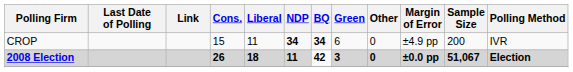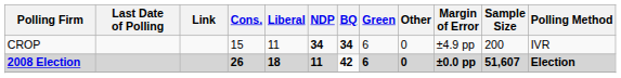 <table class="wikitable sortable">
 <tr style="background:#e9e9e9;">
 <th style="width:120px">Polling Firm</th>
 <th style="width:110px">Last Date<br>of Polling</th>
 <th style="width:60px" class="unsortable">Link</th>
 <th style="background-color:"><strong><a href='#'>Cons.</a></strong></th>
 <th style="background-color:"><strong><a href='#'>Liberal</a></strong></th>
 <th style="background-color:"><strong><a href='#'>NDP</a></strong></th>
 <th style="background-color:"><strong><a href='#'>BQ</a></strong></th>
 <th style="background-color:"><strong><a href='#'>Green</a></strong></th>
 <th style="background-color:"><strong>Other</strong></th>
 <th style="width:60px;" class=unsortable>Margin<br>of Error</th>
 <th style="width:50px;" class=unsortable>Sample<br>Size</th>
 <th class=unsortable>Polling Method</th>
 </tr>
 <tr>
 <td>CROP</td>
 <td></td>
 <td></td>
 <td>15</td>
 <td>11</td>
 <td><strong>34</strong></td>
 <td><strong>34</strong></td>
 <td>6</td>
 <td>0</td>
 <td>±4.9 pp</td>
 <td>200</td>
 <td>IVR</td>
 </tr>
 <tr>
 <td style="background:#D5D5D5"><strong><a href='#'>2008 Election</a></strong></td>
 <td style="background:#D5D5D5"><strong></strong></td>
 <td style="background:#D5D5D5"></td>
 <td style="background:#D5D5D5"><strong>26</strong></td>
 <td style="background:#D5D5D5"><strong>18</strong></td>
 <td style="background:#D5D5D5"><strong>11</strong></td>
 <td><strong>42</strong></td>
-<td style="background:#D5D5D5"><strong>3</strong></td>
+<td style="background:#D5D5D5"><strong>6</strong></td>
 <td style="background:#D5D5D5"><strong>0</strong></td>
 <td style="background:#D5D5D5"><strong>±0.0 pp</strong></td>
-<td style="background:#D5D5D5"><strong>51,067</strong></td>
+<td style="background:#D5D5D5"><strong>51,607</strong></td>
 <td style="background:#D5D5D5"><strong>Election</strong></td>
 </tr>
 <tr>
 </tr>
 <tr>
 </tr>
 </table>
